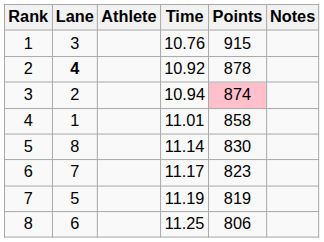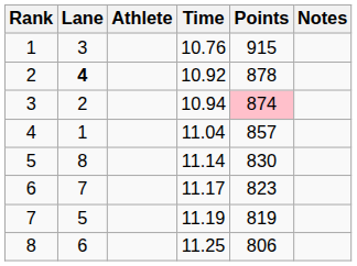 <table class="wikitable sortable" style="text-align:center">
 <tr>
 <th>Rank</th>
 <th>Lane</th>
 <th>Athlete</th>
 <th>Time</th>
 <th>Points</th>
 <th>Notes</th>
 </tr>
 <tr>
 <td>1</td>
 <td>3</td>
 <td align="left"></td>
 <td>10.76</td>
 <td>915</td>
 <td></td>
 </tr>
 <tr>
 <td>2</td>
 <td><strong>4</strong></td>
 <td align="left"></td>
 <td>10.92</td>
 <td>878</td>
 <td></td>
 </tr>
 <tr>
 <td>3</td>
 <td>2</td>
 <td align="left"></td>
 <td>10.94</td>
 <td style="background: pink;">874</td>
 <td></td>
 </tr>
 <tr>
 <td>4</td>
 <td>1</td>
 <td align="left"></td>
-<td>11.01</td>
-<td>858</td>
+<td>11.04</td>
+<td>857</td>
 <td></td>
 </tr>
 <tr>
 <td>5</td>
 <td>8</td>
 <td align="left"></td>
 <td>11.14</td>
 <td>830</td>
 <td></td>
 </tr>
 <tr>
 <td>6</td>
 <td>7</td>
 <td align="left"></td>
 <td>11.17</td>
 <td>823</td>
 <td></td>
 </tr>
 <tr>
 <td>7</td>
 <td>5</td>
 <td align="left"></td>
 <td>11.19</td>
 <td>819</td>
 <td></td>
 </tr>
 <tr>
 <td>8</td>
 <td>6</td>
 <td align="left"></td>
 <td>11.25</td>
 <td>806</td>
 <td></td>
 </tr>
 </table>
